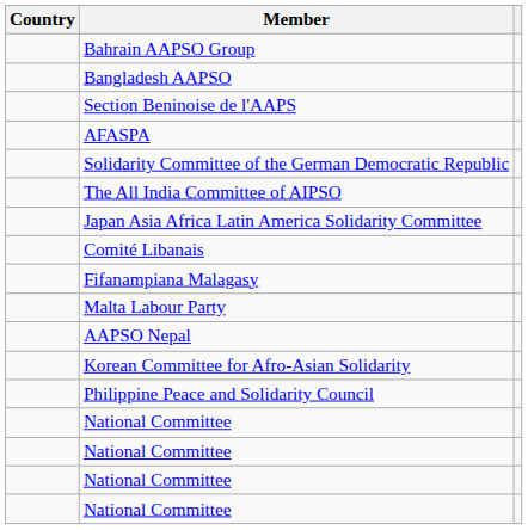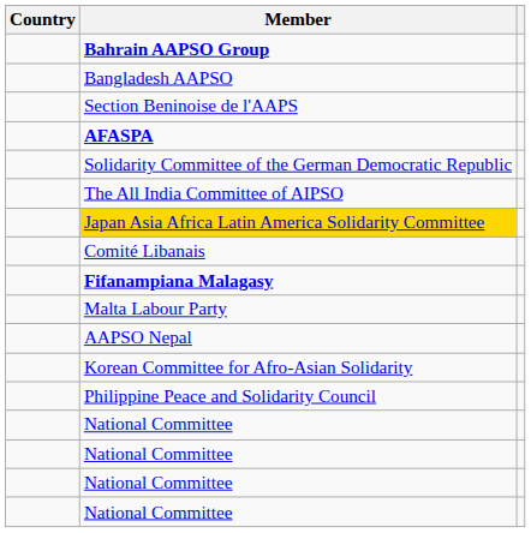 <table class="wikitable sortable">
 <tr>
 <th>Country</th>
 <th>Member</th>
 <th></th>
 </tr>
 <tr>
 <td></td>
-<td><a href='#'>Bahrain AAPSO Group</a></td>
+<td><strong><a href='#'>Bahrain AAPSO Group</a></strong></td>
 <td></td>
 </tr>
 <tr>
 <td></td>
 <td><a href='#'>Bangladesh AAPSO</a></td>
 <td></td>
 </tr>
 <tr>
 <td></td>
 <td><a href='#'>Section Beninoise de l'AAPS</a></td>
 <td></td>
 </tr>
 <tr>
 <td></td>
-<td><a href='#'>AFASPA</a></td>
+<td><strong><a href='#'>AFASPA</a></strong></td>
 <td></td>
 </tr>
 <tr>
 <td></td>
 <td><a href='#'>Solidarity Committee of the German Democratic Republic</a></td>
 <td></td>
 </tr>
 <tr>
 <td></td>
 <td><a href='#'>The All India Committee of AIPSO</a></td>
 <td></td>
 </tr>
 <tr>
 <td></td>
-<td><a href='#'>Japan Asia Africa Latin America Solidarity Committee</a></td>
+<td style="background: gold;"><a href='#'>Japan Asia Africa Latin America Solidarity Committee</a></td>
 <td></td>
 </tr>
 <tr>
 <td></td>
 <td><a href='#'>Comité Libanais</a></td>
 <td></td>
 </tr>
 <tr>
 <td></td>
-<td><a href='#'>Fifanampiana Malagasy</a></td>
+<td><strong><a href='#'>Fifanampiana Malagasy</a></strong></td>
 <td></td>
 </tr>
 <tr>
 <td></td>
 <td><a href='#'>Malta Labour Party</a></td>
 <td></td>
 </tr>
 <tr>
 <td></td>
 <td><a href='#'>AAPSO Nepal</a></td>
 <td></td>
 </tr>
 <tr>
 <td></td>
 <td><a href='#'>Korean Committee for Afro-Asian Solidarity</a></td>
 <td></td>
 </tr>
 <tr>
 <td></td>
 <td><a href='#'>Philippine Peace and Solidarity Council</a></td>
 <td></td>
 </tr>
 <tr>
 <td></td>
 <td><a href='#'>National Committee</a></td>
 <td></td>
 </tr>
 <tr>
 <td></td>
 <td><a href='#'>National Committee</a></td>
 <td></td>
 </tr>
 <tr>
 <td></td>
 <td><a href='#'>National Committee</a></td>
 <td></td>
 </tr>
 <tr>
 <td></td>
 <td><a href='#'>National Committee</a></td>
 <td></td>
 </tr>
 </table>
